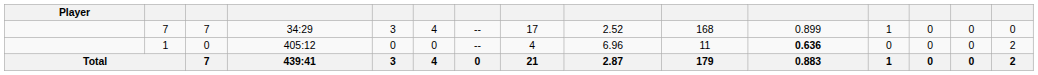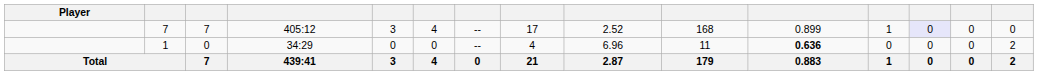 <table class="wikitable sortable" style="width:100%; text-align:center;">
 <tr>
 <th>Player</th>
 <th></th>
 <th></th>
 <th></th>
 <th></th>
 <th></th>
 <th></th>
 <th></th>
 <th></th>
 <th></th>
 <th></th>
 <th></th>
 <th></th>
 <th></th>
 <th></th>
 </tr>
 <tr>
 <td></td>
 <td>7</td>
 <td>7</td>
-<td>34:29</td>
+<td>405:12</td>
 <td>3</td>
 <td>4</td>
 <td>--</td>
 <td>17</td>
 <td>2.52</td>
 <td>168</td>
 <td>0.899</td>
 <td>1</td>
-<td>0</td>
+<td style="background: lavender;">0</td>
 <td>0</td>
 <td>0</td>
 </tr>
 <tr>
 <td></td>
 <td>1</td>
 <td>0</td>
-<td>405:12</td>
+<td>34:29</td>
 <td>0</td>
 <td>0</td>
 <td>--</td>
 <td>4</td>
 <td>6.96</td>
 <td>11</td>
 <td><strong>0.636</strong></td>
 <td>0</td>
 <td>0</td>
 <td>0</td>
 <td>2</td>
 </tr>
 <tr class="sortbottom">
 <th colspan=2>Total</th>
 <th>7</th>
 <th>439:41</th>
 <th>3</th>
 <th>4</th>
 <th>0</th>
 <th>21</th>
 <th>2.87</th>
 <th>179</th>
 <th>0.883</th>
 <th>1</th>
 <th>0</th>
 <th>0</th>
 <th>2</th>
 </tr>
 </table>
